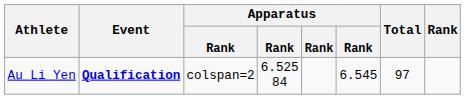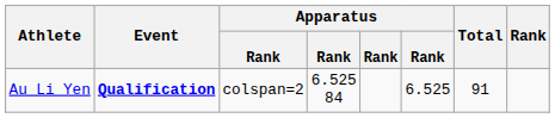 <table class="wikitable" style="font-size:90%">
 <tr>
 <th rowspan=2>Athlete</th>
 <th rowspan=2>Event</th>
 <th colspan=4>Apparatus</th>
 <th rowspan=2>Total</th>
 <th rowspan=2>Rank</th>
 </tr>
 <tr style="font-size:95%">
 <th><br>Rank</th>
 <th><br>Rank</th>
 <th><br>Rank</th>
 <th><br>Rank</th>
 </tr>
 <tr align=center>
 <td align=left><a href='#'>Au Li Yen</a></td>
 <td align=left><strong><a href='#'>Qualification</a></strong></td>
 <td>colspan=2 </td>
 <td>6.525<br>84</td>
 <td></td>
-<td>6.545</td>
-<td>97</td>
+<td>6.525</td>
+<td>91</td>
 </tr>
 </table>
